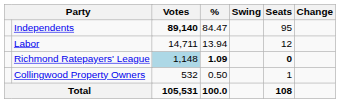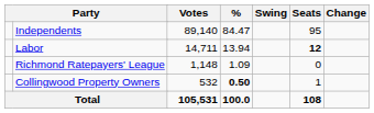 <table class="wikitable" style="text-align:right; margin-bottom:0">
 <tr>
 <th style="width:10px;" colspan=3>Party</th>
 <th style="width:70px;">Votes</th>
 <th style="width:40px;">%</th>
 <th style="width:40px;">Swing</th>
 <th style="width:40px;">Seats</th>
 <th style="width:40px;">Change</th>
 </tr>
 <tr>
 <td> </td>
 <td style="text-align:left;" colspan="2"><a href='#'>Independents</a></td>
-<td><strong>89,140</strong></td>
+<td>89,140</td>
 <td>84.47</td>
 <td></td>
 <td>95</td>
 <td></td>
 </tr>
 <tr>
 <td> </td>
 <td style="text-align:left;" colspan="2"><a href='#'>Labor</a></td>
 <td>14,711</td>
 <td>13.94</td>
 <td></td>
-<td>12</td>
+<td><strong>12</strong></td>
 <td></td>
 </tr>
 <tr>
 <td> </td>
 <td style="text-align:left;" colspan="2"><a href='#'>Richmond Ratepayers' League</a></td>
-<td style="background: lightblue;">1,148</td>
-<td><strong>1.09</strong></td>
+<td>1,148</td>
+<td>1.09</td>
 <td></td>
-<td><strong>0</strong></td>
+<td>0</td>
 <td></td>
 </tr>
 <tr>
 <td> </td>
 <td style="text-align:left;" colspan="2"><a href='#'>Collingwood Property Owners</a></td>
 <td>532</td>
-<td>0.50</td>
+<td><strong>0.50</strong></td>
 <td></td>
 <td>1</td>
 <td></td>
 </tr>
 <tr>
 <th colspan="3"> Total</th>
 <td><strong>105,531</strong></td>
 <td><strong>100.0</strong></td>
 <td></td>
 <td><strong>108</strong></td>
 <td></td>
 </tr>
 </table>
